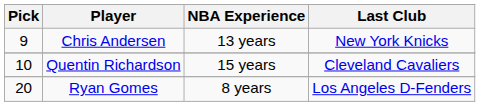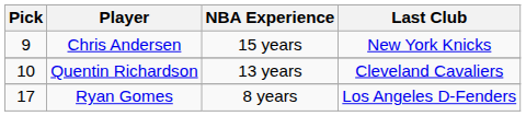 <table class="wikitable sortable sortable">
 <tr>
 </tr>
 <tr style="text-align: center">
 <th>Pick</th>
 <th>Player</th>
 <th>NBA Experience</th>
 <th>Last Club</th>
 </tr>
 <tr style="text-align: center">
 <td>9</td>
 <td><a href='#'>Chris Andersen</a></td>
-<td>13 years</td>
+<td>15 years</td>
 <td> <a href='#'>New York Knicks</a></td>
 </tr>
 <tr>
 </tr>
 <tr style="text-align: center">
 <td>10</td>
 <td><a href='#'>Quentin Richardson</a></td>
-<td>15 years</td>
+<td>13 years</td>
 <td> <a href='#'>Cleveland Cavaliers</a></td>
 </tr>
 <tr>
 </tr>
 <tr style="text-align: center">
-<td>20</td>
+<td>17</td>
 <td><a href='#'>Ryan Gomes</a></td>
 <td>8 years</td>
 <td> <a href='#'>Los Angeles D-Fenders</a></td>
 </tr>
 </table>
